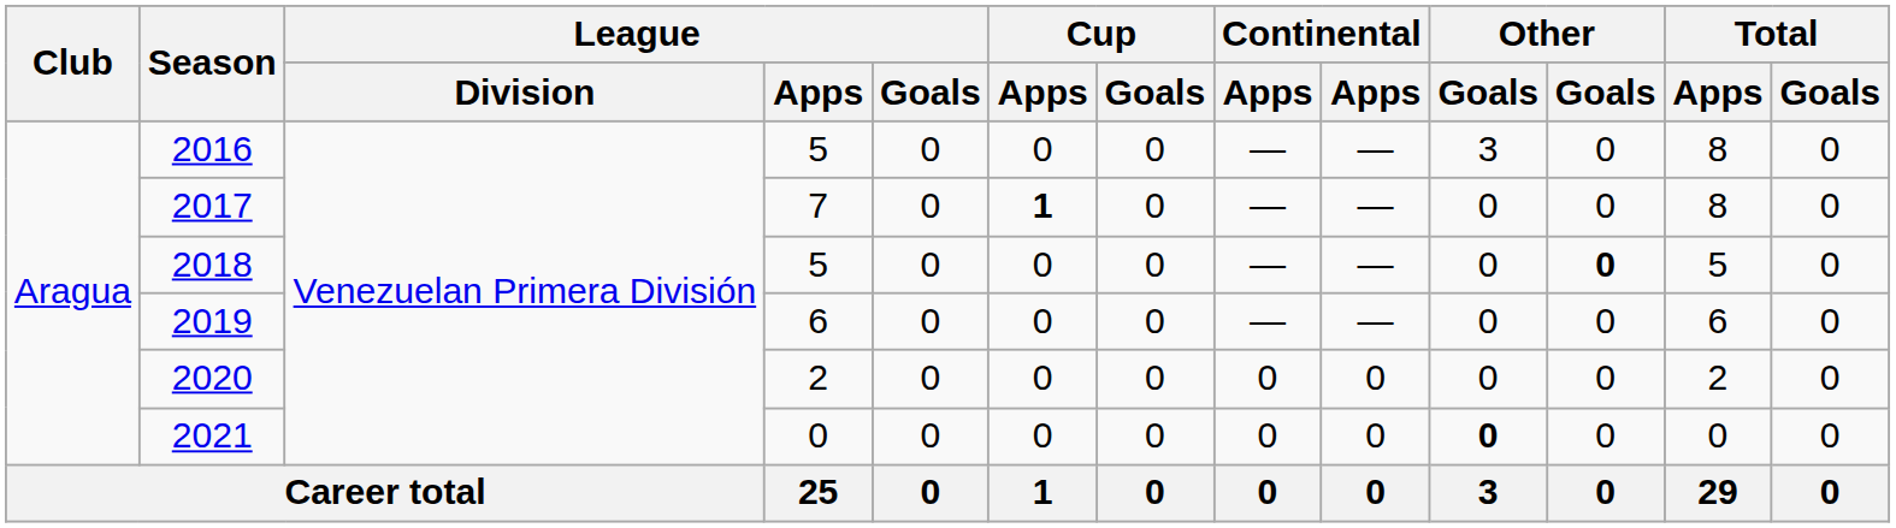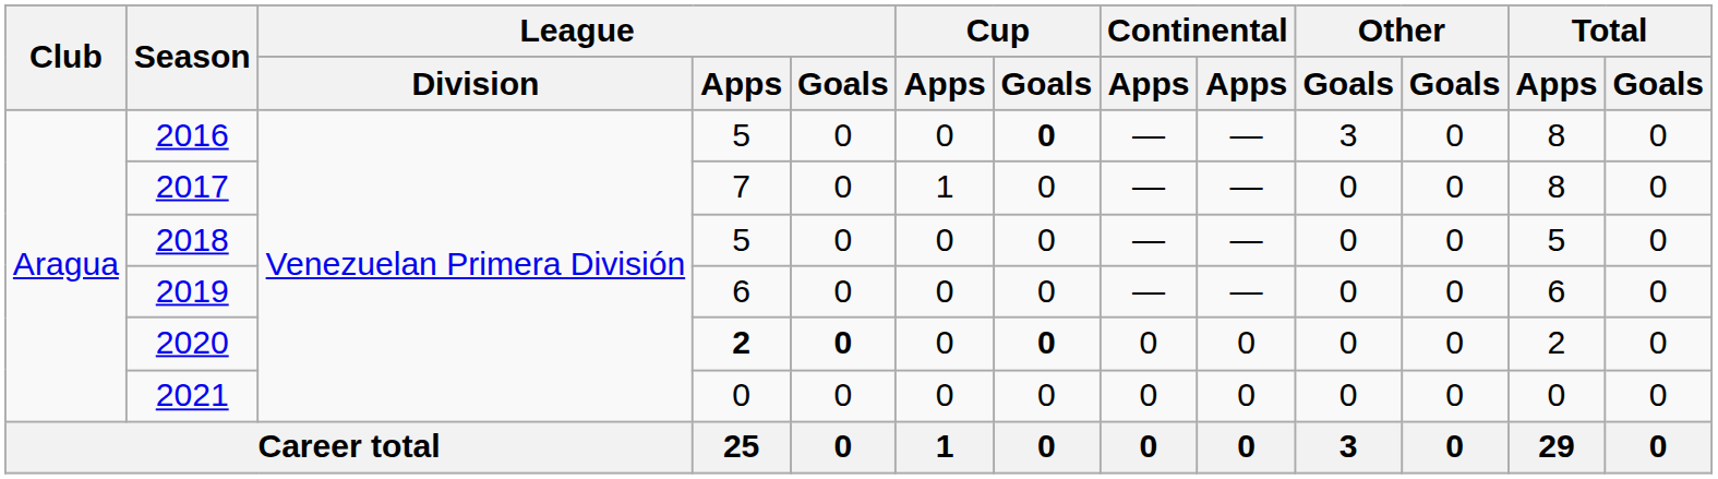 <table class=wikitable style=text-align:center>
 <tr>
 <th rowspan=2>Club</th>
 <th rowspan=2>Season</th>
 <th colspan=3>League</th>
 <th colspan=2>Cup</th>
 <th colspan=2>Continental</th>
 <th colspan=2>Other</th>
 <th colspan=2>Total</th>
 </tr>
 <tr>
 <th>Division</th>
 <th>Apps</th>
 <th>Goals</th>
 <th>Apps</th>
 <th>Goals</th>
 <th>Apps</th>
 <th>Apps</th>
 <th>Goals</th>
 <th>Goals</th>
 <th>Apps</th>
 <th>Goals</th>
 </tr>
 <tr>
 <td rowspan=6><a href='#'>Aragua</a></td>
 <td><a href='#'>2016</a></td>
 <td rowspan=6><a href='#'>Venezuelan Primera División</a></td>
 <td>5</td>
 <td>0</td>
 <td>0</td>
-<td>0</td>
+<td><strong>0</strong></td>
 <td>—</td>
 <td>—</td>
 <td>3</td>
 <td>0</td>
 <td>8</td>
 <td>0</td>
 </tr>
 <tr>
 <td><a href='#'>2017</a></td>
 <td>7</td>
 <td>0</td>
-<td><strong>1</strong></td>
+<td>1</td>
 <td>0</td>
 <td>—</td>
 <td>—</td>
 <td>0</td>
 <td>0</td>
 <td>8</td>
 <td>0</td>
 </tr>
 <tr>
 <td><a href='#'>2018</a></td>
 <td>5</td>
 <td>0</td>
 <td>0</td>
 <td>0</td>
 <td>—</td>
 <td>—</td>
 <td>0</td>
-<td><strong>0</strong></td>
+<td>0</td>
 <td>5</td>
 <td>0</td>
 </tr>
 <tr>
 <td><a href='#'>2019</a></td>
 <td>6</td>
 <td>0</td>
 <td>0</td>
 <td>0</td>
 <td>—</td>
 <td>—</td>
 <td>0</td>
 <td>0</td>
 <td>6</td>
 <td>0</td>
 </tr>
 <tr>
 <td><a href='#'>2020</a></td>
-<td>2</td>
+<td><strong>2</strong></td>
+<td><strong>0</strong></td>
 <td>0</td>
-<td>0</td>
-<td>0</td>
+<td><strong>0</strong></td>
 <td>0</td>
 <td>0</td>
 <td>0</td>
 <td>0</td>
 <td>2</td>
 <td>0</td>
 </tr>
 <tr>
 <td><a href='#'>2021</a></td>
 <td>0</td>
 <td>0</td>
 <td>0</td>
 <td>0</td>
 <td>0</td>
 <td>0</td>
-<td><strong>0</strong></td>
+<td>0</td>
 <td>0</td>
 <td>0</td>
 <td>0</td>
 </tr>
 <tr>
 <th colspan=3>Career total</th>
 <th>25</th>
 <th>0</th>
 <th>1</th>
 <th>0</th>
 <th>0</th>
 <th>0</th>
 <th>3</th>
 <th>0</th>
 <th>29</th>
 <th>0</th>
 </tr>
 </table>
